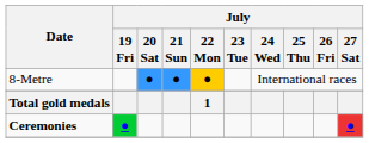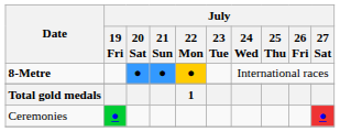 <table class="wikitable" style="margin:0.5em auto; font-size:90%; line-height:1.25em;">
 <tr>
 <th rowspan=2>Date</th>
 <th colspan=9>July</th>
 </tr>
 <tr>
 <th>19<br>Fri</th>
 <th>20<br>Sat</th>
 <th>21<br>Sun</th>
 <th>22<br>Mon</th>
 <th>23<br>Tue</th>
 <th>24<br>Wed</th>
 <th>25<br>Thu</th>
 <th>26<br>Fri</th>
 <th>27<br>Sat</th>
 </tr>
 <tr align="center">
-<td align="left">8-Metre</td>
+<td align="left"><strong>8-Metre</strong></td>
 <td></td>
 <td bgcolor=#3399ff><span>●</span></td>
 <td bgcolor=#3399ff><span>●</span></td>
 <td bgcolor=#ffcc00><span>●</span></td>
 <td></td>
 <td colspan=9>International races</td>
 </tr>
 <tr align="center">
 </tr>
 <tr>
 <th>Total gold medals</th>
 <th></th>
 <th></th>
 <th></th>
 <th>1</th>
 <th></th>
 <th></th>
 <th></th>
 <th></th>
 <th></th>
 </tr>
 <tr>
-<td><strong>Ceremonies</strong></td>
+<td>Ceremonies</td>
 <td bgcolor=#00cc33 align=center><a href='#'>●</a></td>
 <td></td>
 <td></td>
 <td></td>
 <td></td>
 <td></td>
 <td></td>
 <td></td>
 <td bgcolor=#ee3333 align=center><a href='#'>●</a></td>
 </tr>
 <tr>
 </tr>
 </table>
